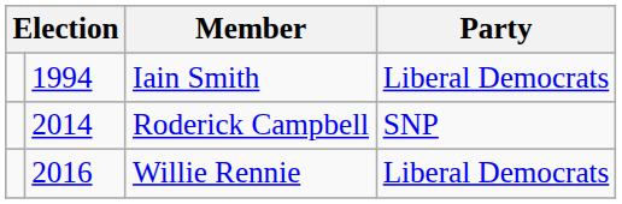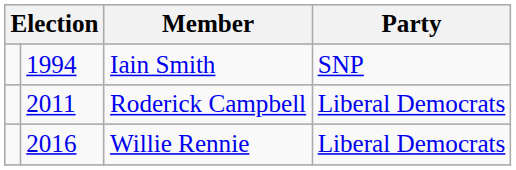 <table class="wikitable">
 <tr>
 <th colspan="2">Election</th>
 <th>Member</th>
 <th>Party</th>
 </tr>
 <tr>
 <td style="background-color: "></td>
 <td><a href='#'>1994</a></td>
 <td><a href='#'>Iain Smith</a></td>
-<td><a href='#'>Liberal Democrats</a></td>
+<td><a href='#'>SNP</a></td>
 </tr>
 <tr>
 <td style="background-color: "></td>
-<td><a href='#'>2014</a></td>
+<td><a href='#'>2011</a></td>
 <td><a href='#'>Roderick Campbell</a></td>
-<td><a href='#'>SNP</a></td>
+<td><a href='#'>Liberal Democrats</a></td>
 </tr>
 <tr>
 <td style="background-color: "></td>
 <td><a href='#'>2016</a></td>
 <td><a href='#'>Willie Rennie</a></td>
 <td><a href='#'>Liberal Democrats</a></td>
 </tr>
 </table>
